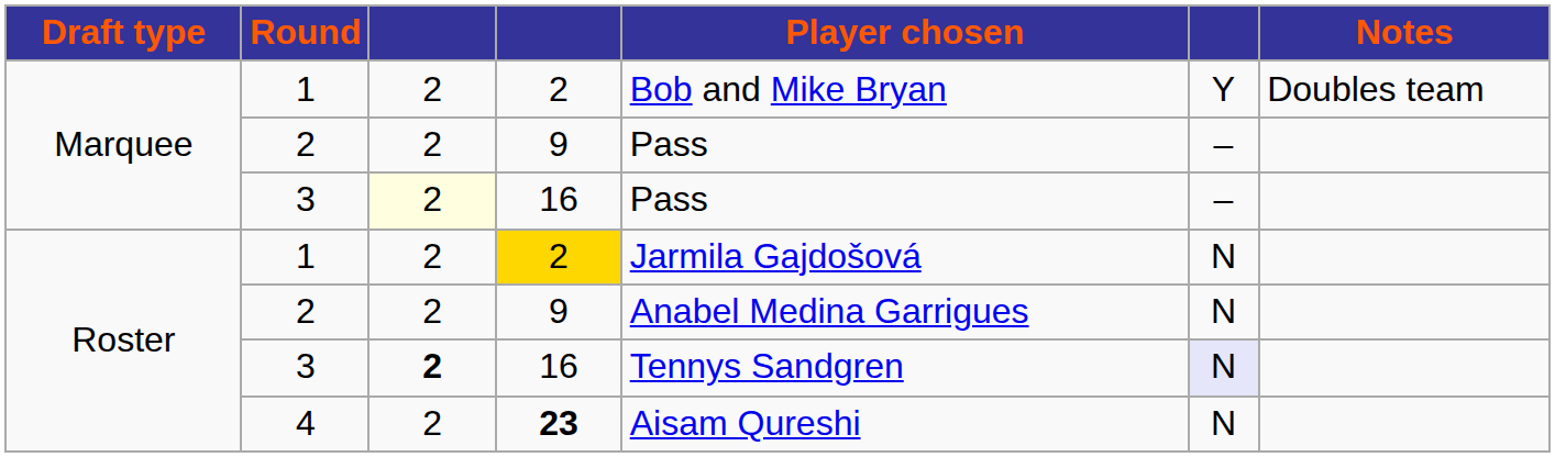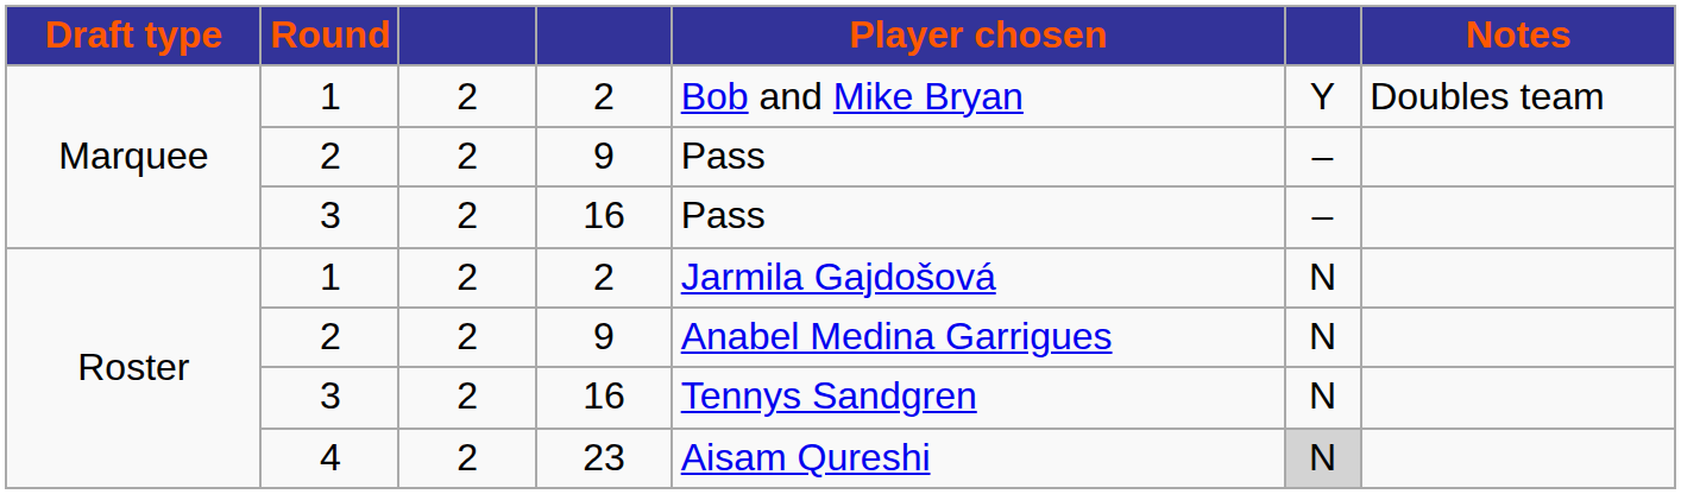 <table class="wikitable" style="text-align:left">
 <tr>
 <th style="background:#333399; color:#FF5800" width="100px">Draft type</th>
 <th style="background:#333399; color:#FF5800" width="50px">Round</th>
 <th style="background:#333399; color:#FF5800" width="50px"></th>
 <th style="background:#333399; color:#FF5800" width="50px"></th>
 <th style="background:#333399; color:#FF5800" width="250px">Player chosen</th>
 <th style="background:#333399; color:#FF5800" width="25px"></th>
 <th style="background:#333399; color:#FF5800" width="125px">Notes</th>
 </tr>
 <tr>
 <td rowspan="3" style="text-align:center">Marquee</td>
 <td style="text-align:center">1</td>
 <td style="text-align:center">2</td>
 <td style="text-align:center">2</td>
 <td> <a href='#'>Bob</a> and <a href='#'>Mike Bryan</a></td>
 <td style="text-align:center">Y</td>
 <td>Doubles team</td>
 </tr>
 <tr>
 <td style="text-align:center">2</td>
 <td style="text-align:center">2</td>
 <td style="text-align:center">9</td>
 <td>Pass</td>
 <td style="text-align:center">–</td>
 <td></td>
 </tr>
 <tr>
 <td style="text-align:center">3</td>
-<td style="background: lightyellow; text-align:center">2</td>
+<td style="text-align:center">2</td>
 <td style="text-align:center">16</td>
 <td>Pass</td>
 <td style="text-align:center">–</td>
 <td></td>
 </tr>
 <tr>
 <td rowspan="4" style="text-align:center">Roster</td>
 <td style="text-align:center">1</td>
 <td style="text-align:center">2</td>
-<td style="background: gold; text-align:center">2</td>
+<td style="text-align:center">2</td>
 <td> <a href='#'>Jarmila Gajdošová</a></td>
 <td style="text-align:center">N</td>
 <td></td>
 </tr>
 <tr>
 <td style="text-align:center">2</td>
 <td style="text-align:center">2</td>
 <td style="text-align:center">9</td>
 <td> <a href='#'>Anabel Medina Garrigues</a></td>
 <td style="text-align:center">N</td>
 <td></td>
 </tr>
 <tr>
 <td style="text-align:center">3</td>
-<td style="text-align:center"><strong>2</strong></td>
+<td style="text-align:center">2</td>
 <td style="text-align:center">16</td>
 <td> <a href='#'>Tennys Sandgren</a></td>
-<td style="background: lavender; text-align:center">N</td>
+<td style="text-align:center">N</td>
 <td></td>
 </tr>
 <tr>
 <td style="text-align:center">4</td>
 <td style="text-align:center">2</td>
-<td style="text-align:center"><strong>23</strong></td>
+<td style="text-align:center">23</td>
 <td> <a href='#'>Aisam Qureshi</a></td>
-<td style="text-align:center">N</td>
+<td style="background: lightgrey; text-align:center">N</td>
 <td></td>
 </tr>
 </table>
